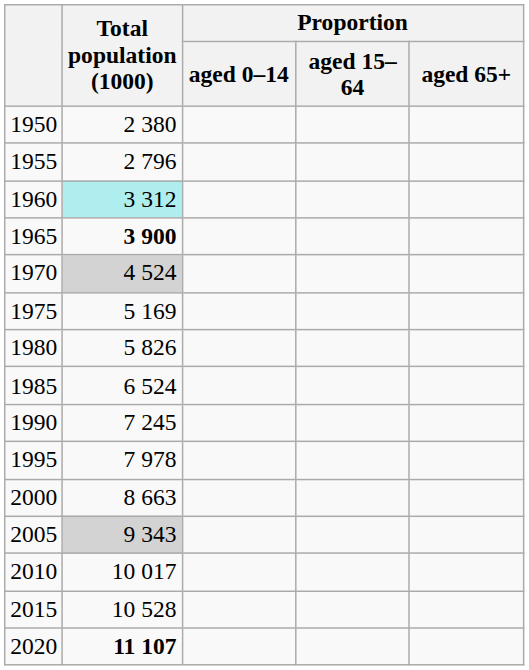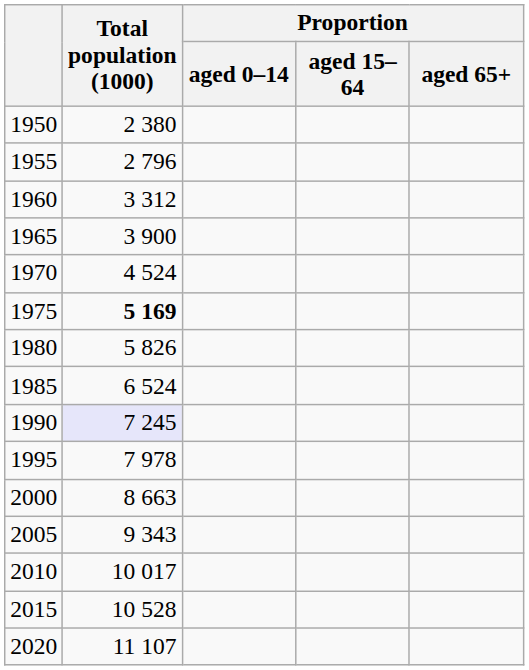 <table class="wikitable" style="text-align: right;">
 <tr>
 <th rowspan=2></th>
 <th rowspan=2 width="70pt">Total population<br> (1000)</th>
 <th colspan=3>Proportion</th>
 </tr>
 <tr>
 <th width="70pt">aged 0–14</th>
 <th width="70pt">aged 15–64</th>
 <th width="70pt">aged 65+</th>
 </tr>
 <tr>
 <td>1950</td>
 <td>2 380</td>
 <td></td>
 <td></td>
 <td></td>
 </tr>
 <tr>
 <td>1955</td>
 <td>2 796</td>
 <td></td>
 <td></td>
 <td></td>
 </tr>
 <tr>
 <td>1960</td>
-<td style="background: paleturquoise;">3 312</td>
+<td>3 312</td>
 <td></td>
 <td></td>
 <td></td>
 </tr>
 <tr>
 <td>1965</td>
-<td><strong>3 900</strong></td>
+<td>3 900</td>
 <td></td>
 <td></td>
 <td></td>
 </tr>
 <tr>
 <td>1970</td>
-<td style="background: lightgrey;">4 524</td>
+<td>4 524</td>
 <td></td>
 <td></td>
 <td></td>
 </tr>
 <tr>
 <td>1975</td>
-<td>5 169</td>
+<td><strong>5 169</strong></td>
 <td></td>
 <td></td>
 <td></td>
 </tr>
 <tr>
 <td>1980</td>
 <td>5 826</td>
 <td></td>
 <td></td>
 <td></td>
 </tr>
 <tr>
 <td>1985</td>
 <td>6 524</td>
 <td></td>
 <td></td>
 <td></td>
 </tr>
 <tr>
 <td>1990</td>
-<td>7 245</td>
+<td style="background: lavender;">7 245</td>
 <td></td>
 <td></td>
 <td></td>
 </tr>
 <tr>
 <td>1995</td>
 <td>7 978</td>
 <td></td>
 <td></td>
 <td></td>
 </tr>
 <tr>
 <td>2000</td>
 <td>8 663</td>
 <td></td>
 <td></td>
 <td></td>
 </tr>
 <tr>
 <td>2005</td>
-<td style="background: lightgrey;">9 343</td>
+<td>9 343</td>
 <td></td>
 <td></td>
 <td></td>
 </tr>
 <tr>
 <td>2010</td>
 <td>10 017</td>
 <td></td>
 <td></td>
 <td></td>
 </tr>
 <tr>
 <td>2015</td>
 <td>10 528</td>
 <td></td>
 <td></td>
 <td></td>
 </tr>
 <tr>
 <td>2020</td>
-<td><strong>11 107</strong></td>
+<td>11 107</td>
 <td></td>
 <td></td>
 <td></td>
 </tr>
 </table>
